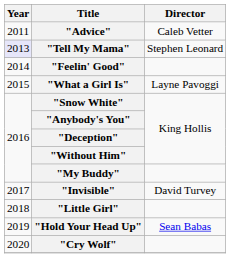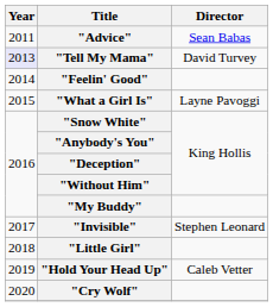 <table class="wikitable plainrowheaders" style="text-align:center;">
 <tr>
 <th scope="col">Year</th>
 <th scope="col">Title</th>
 <th scope="col">Director</th>
 </tr>
 <tr>
 <td>2011</td>
 <th scope="row">"Advice"</th>
-<td>Caleb Vetter</td>
+<td><a href='#'>Sean Babas</a></td>
 </tr>
 <tr>
 <td style="background: lavender;">2013</td>
 <th scope="row">"Tell My Mama"</th>
-<td>Stephen Leonard</td>
+<td>David Turvey</td>
 </tr>
 <tr>
 <td>2014</td>
 <th scope="row">"Feelin' Good"</th>
 <td></td>
 </tr>
 <tr>
 <td>2015</td>
 <th scope="row">"What a Girl Is"</th>
 <td>Layne Pavoggi</td>
 </tr>
 <tr>
 <td rowspan="5">2016</td>
 <th scope="row">"Snow White"</th>
 <td rowspan="4">King Hollis</td>
 </tr>
 <tr>
 <th scope="row">"Anybody's You"</th>
 </tr>
 <tr>
 <th scope="row">"Deception"</th>
 </tr>
 <tr>
 <th scope="row">"Without Him"</th>
 </tr>
 <tr>
 <th scope="row">"My Buddy"</th>
 <td></td>
 </tr>
 <tr>
 <td>2017</td>
 <th scope="row">"Invisible"</th>
-<td>David Turvey</td>
+<td>Stephen Leonard</td>
 </tr>
 <tr>
 <td>2018</td>
 <th scope="row">"Little Girl"</th>
 <td></td>
 </tr>
 <tr>
 <td>2019</td>
 <th scope="row">"Hold Your Head Up"</th>
-<td><a href='#'>Sean Babas</a></td>
+<td>Caleb Vetter</td>
 </tr>
 <tr>
 <td>2020</td>
 <th scope="row">"Cry Wolf"</th>
 <td></td>
 </tr>
 <tr>
 </tr>
 </table>
